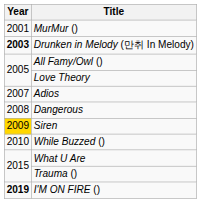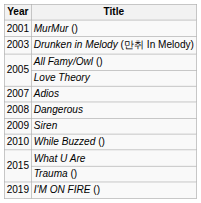 <table class="wikitable">
 <tr>
 <th>Year</th>
 <th>Title</th>
 </tr>
 <tr>
 <td style="text-align:center;">2001</td>
 <td><em>MurMur</em> ()</td>
 </tr>
 <tr>
-<td style="text-align:center;"><strong>2003</strong></td>
+<td style="text-align:center;">2003</td>
 <td><em>Drunken in Melody</em> (만취 In Melody)</td>
 </tr>
 <tr>
 <td rowspan="2" style="text-align:center;">2005</td>
 <td><em>All Famy/Owl</em> ()</td>
 </tr>
 <tr>
 <td><em>Love Theory</em></td>
 </tr>
 <tr>
 <td style="text-align:center;">2007</td>
 <td><em>Adios</em></td>
 </tr>
 <tr>
 <td style="text-align:center;">2008</td>
 <td><em>Dangerous</em></td>
 </tr>
 <tr>
-<td style="background: gold; text-align:center;">2009</td>
+<td style="text-align:center;">2009</td>
 <td><em>Siren</em></td>
 </tr>
 <tr>
 <td style="text-align:center;">2010</td>
 <td><em>While Buzzed</em> ()</td>
 </tr>
 <tr>
 <td rowspan="2" style="text-align:center;">2015</td>
 <td><em>What U Are</em></td>
 </tr>
 <tr>
 <td><em>Trauma</em> ()</td>
 </tr>
 <tr>
-<td style="text-align:center;"><strong>2019</strong></td>
+<td style="text-align:center;">2019</td>
 <td><em>I'M ON FIRE</em> ()</td>
 </tr>
 </table>
